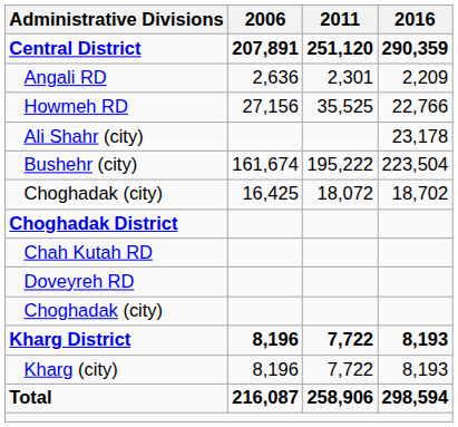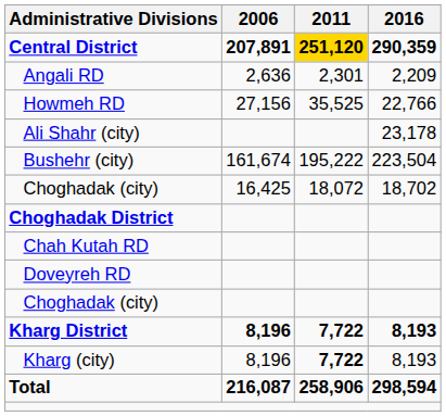 <table class="wikitable">
 <tr>
 <th>Administrative Divisions</th>
 <th>2006</th>
 <th>2011</th>
 <th>2016</th>
 </tr>
 <tr>
 <td><strong><a href='#'>Central District</a></strong></td>
 <td style="text-align: right;"><strong>207,891</strong></td>
-<td style="text-align: right;"><strong>251,120</strong></td>
+<td style="background: gold; text-align: right;"><strong>251,120</strong></td>
 <td style="text-align: right;"><strong>290,359</strong></td>
 </tr>
 <tr>
 <td style="padding-left: 1em;"><a href='#'>Angali RD</a></td>
 <td style="text-align: right;">2,636</td>
 <td style="text-align: right;">2,301</td>
 <td style="text-align: right;">2,209</td>
 </tr>
 <tr>
 <td style="padding-left: 1em;"><a href='#'>Howmeh RD</a></td>
 <td style="text-align: right;">27,156</td>
 <td style="text-align: right;">35,525</td>
 <td style="text-align: right;">22,766</td>
 </tr>
 <tr>
 <td style="padding-left: 1em;"><a href='#'>Ali Shahr</a> (city)</td>
 <td style="text-align: right;"></td>
 <td style="text-align: right;"></td>
 <td style="text-align: right;">23,178</td>
 </tr>
 <tr>
 <td style="padding-left: 1em;"><a href='#'>Bushehr</a> (city)</td>
 <td style="text-align: right;">161,674</td>
 <td style="text-align: right;">195,222</td>
 <td style="text-align: right;">223,504</td>
 </tr>
 <tr>
 <td style="padding-left: 1em;">Choghadak (city)</td>
 <td style="text-align: right;">16,425</td>
 <td style="text-align: right;">18,072</td>
 <td style="text-align: right;">18,702</td>
 </tr>
 <tr>
 <td><strong><a href='#'>Choghadak District</a></strong></td>
 <td style="text-align: right;"></td>
 <td style="text-align: right;"></td>
 <td style="text-align: right;"></td>
 </tr>
 <tr>
 <td style="padding-left: 1em;"><a href='#'>Chah Kutah RD</a></td>
 <td style="text-align: right;"></td>
 <td style="text-align: right;"></td>
 <td style="text-align: right;"></td>
 </tr>
 <tr>
 <td style="padding-left: 1em;"><a href='#'>Doveyreh RD</a></td>
 <td style="text-align: right;"></td>
 <td style="text-align: right;"></td>
 <td style="text-align: right;"></td>
 </tr>
 <tr>
 <td style="padding-left: 1em;"><a href='#'>Choghadak</a> (city)</td>
 <td style="text-align: right;"></td>
 <td style="text-align: right;"></td>
 <td style="text-align: right;"></td>
 </tr>
 <tr>
 <td><strong><a href='#'>Kharg District</a></strong></td>
 <td style="text-align: right;"><strong>8,196</strong></td>
 <td style="text-align: right;"><strong>7,722</strong></td>
 <td style="text-align: right;"><strong>8,193</strong></td>
 </tr>
 <tr>
 <td style="padding-left: 1em;"><a href='#'>Kharg</a> (city)</td>
 <td style="text-align: right;">8,196</td>
-<td style="text-align: right;">7,722</td>
+<td style="text-align: right;"><strong>7,722</strong></td>
 <td style="text-align: right;">8,193</td>
 </tr>
 <tr>
 <td><strong>Total</strong></td>
 <td style="text-align: right;"><strong>216,087</strong></td>
 <td style="text-align: right;"><strong>258,906</strong></td>
 <td style="text-align: right;"><strong>298,594</strong></td>
 </tr>
 <tr>
 <td colspan=4></td>
 </tr>
 </table>
